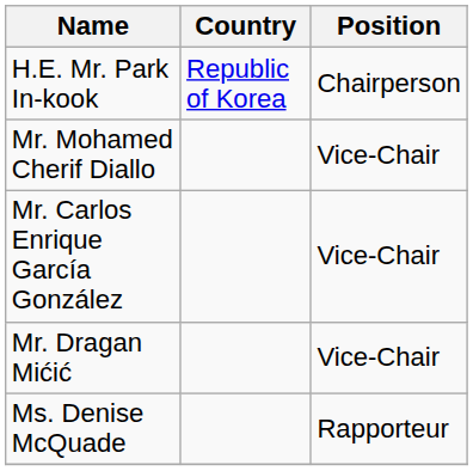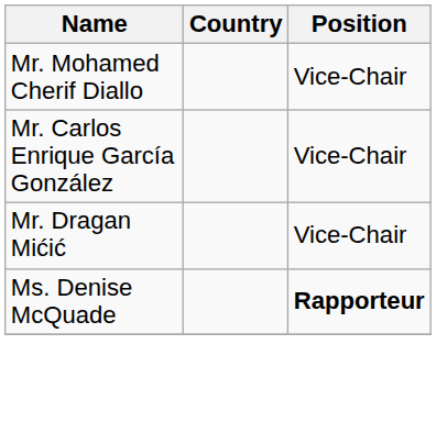 <table class="wikitable" style="display: inline-table; width: 45%;">
 <tr>
 <th>Name</th>
 <th>Country</th>
 <th>Position</th>
-</tr>
-<tr>
-<td>H.E. Mr. Park In-kook</td>
-<td> <a href='#'>Republic of Korea</a></td>
-<td>Chairperson</td>
 </tr>
 <tr>
 <td>Mr. Mohamed Cherif Diallo</td>
 <td></td>
 <td>Vice-Chair</td>
 </tr>
 <tr>
 <td>Mr. Carlos Enrique García González</td>
 <td></td>
 <td>Vice-Chair</td>
 </tr>
 <tr>
 <td>Mr. Dragan Mićić</td>
 <td></td>
 <td>Vice-Chair</td>
 </tr>
 <tr>
 <td>Ms. Denise McQuade</td>
 <td></td>
-<td>Rapporteur</td>
+<td><strong>Rapporteur</strong></td>
 </tr>
 <tr>
 </tr>
 </table>
